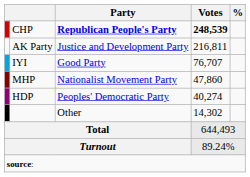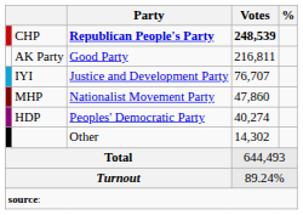 <table class="wikitable">
 <tr>
 <th colspan="2" align="center"></th>
 <th align="center">Party</th>
 <th align="center">Votes</th>
 <th align="center">%</th>
 </tr>
 <tr align="left">
 <td bgcolor="#d50000" width="1"></td>
 <td>CHP</td>
 <td><strong><a href='#'>Republican People's Party</a></strong></td>
 <td><strong>248,539</strong></td>
 <td><strong></strong></td>
 </tr>
 <tr align="left">
 <td></td>
 <td>AK Party</td>
-<td><a href='#'>Justice and Development Party</a></td>
+<td><a href='#'>Good Party</a></td>
 <td>216,811</td>
 <td></td>
 </tr>
 <tr align="left">
 <td bgcolor="#01A7E1" width="1"></td>
 <td>IYI</td>
-<td><a href='#'>Good Party</a></td>
+<td><a href='#'>Justice and Development Party</a></td>
 <td>76,707</td>
 <td></td>
 </tr>
 <tr align="left">
 <td bgcolor="#870000" width="1"></td>
 <td>MHP</td>
 <td><a href='#'>Nationalist Movement Party</a></td>
 <td>47,860</td>
 <td></td>
 </tr>
 <tr align="left">
 <td bgcolor="#91007B" width="1"></td>
 <td>HDP</td>
 <td><a href='#'>Peoples' Democratic Party</a></td>
 <td>40,274</td>
 <td></td>
 </tr>
 <tr align="left">
 <td bgcolor=" " width="1"></td>
 <td></td>
 <td>Other</td>
 <td>14,302</td>
 <td></td>
 </tr>
 <tr align="left" style="background-color:#E9E9E9">
 <th colspan="3" align="center"><strong>Total</strong></th>
 <td colspan="5" align="center">644,493</td>
 </tr>
 <tr align="left" style="background-color:#E9E9E9">
 <th colspan="3" align="center"><em>Turnout</em></th>
 <td colspan="5" align="center">89.24%</td>
 </tr>
 <tr>
 <td colspan="9" align="left"><small><strong>source</strong>: </small></td>
 </tr>
 </table>
